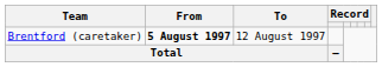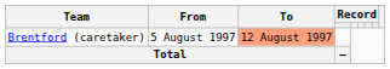 <table class=wikitable style="text-align: center">
 <tr>
 <th rowspan=2>Team</th>
 <th rowspan=2>From</th>
 <th rowspan=2>To</th>
 <th colspan=5>Record</th>
 <th rowspan=2></th>
 </tr>
 <tr>
 <th></th>
 <th></th>
 <th></th>
 <th></th>
 <th></th>
 </tr>
 <tr>
 <td align=left><a href='#'>Brentford</a> (caretaker)</td>
-<td align=left><strong>5 August 1997</strong></td>
-<td align=left>12 August 1997<br></td>
+<td align=left>5 August 1997</td>
+<td align=left style="background: lightsalmon;">12 August 1997<br></td>
 <td></td>
 </tr>
 <tr>
 <th colspan=3>Total<br></th>
 <th>—</th>
 </tr>
 </table>
